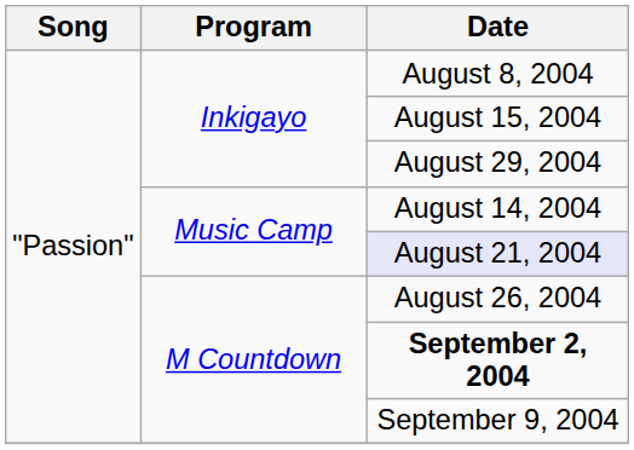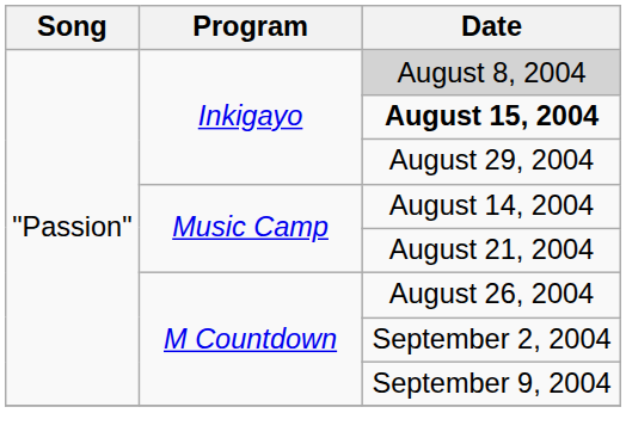 <table class="wikitable" style="text-align:center">
 <tr>
 <th>Song</th>
 <th width="120">Program</th>
 <th width="140">Date</th>
 </tr>
 <tr>
 <td rowspan="8">"Passion"</td>
 <td rowspan="3"><em><a href='#'>Inkigayo</a></em></td>
-<td>August 8, 2004</td>
+<td style="background: lightgrey;">August 8, 2004</td>
 </tr>
 <tr>
-<td>August 15, 2004</td>
+<td><strong>August 15, 2004</strong></td>
 </tr>
 <tr>
 <td>August 29, 2004</td>
 </tr>
 <tr>
 <td rowspan="2"><em><a href='#'>Music Camp</a></em></td>
 <td>August 14, 2004</td>
 </tr>
 <tr>
-<td style="background: lavender;">August 21, 2004</td>
+<td>August 21, 2004</td>
 </tr>
 <tr>
 <td rowspan="3"><em><a href='#'>M Countdown</a></em></td>
 <td>August 26, 2004</td>
 </tr>
 <tr>
-<td><strong>September 2, 2004</strong></td>
+<td>September 2, 2004</td>
 </tr>
 <tr>
 <td>September 9, 2004</td>
 </tr>
 <tr>
 </tr>
 </table>
